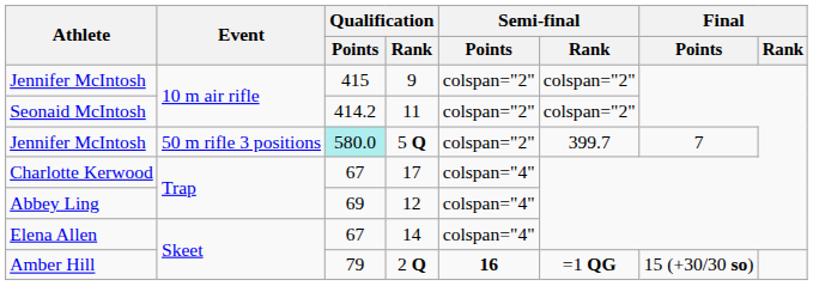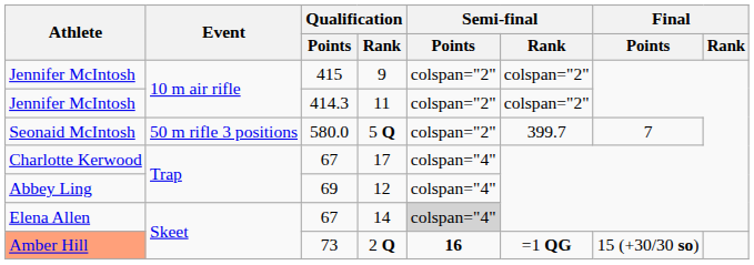 <table class="wikitable" style="font-size:90%;">
 <tr>
 <th rowspan=2>Athlete</th>
 <th rowspan=2>Event</th>
 <th colspan=2>Qualification</th>
 <th colspan=2>Semi-final</th>
 <th colspan=2>Final</th>
 </tr>
 <tr style="font-size:95%">
 <th>Points</th>
 <th>Rank</th>
 <th>Points</th>
 <th>Rank</th>
 <th>Points</th>
 <th>Rank</th>
 </tr>
 <tr align=center>
 <td align=left><a href='#'>Jennifer McIntosh</a></td>
 <td style="text-align:left;" rowspan="2"><a href='#'>10 m air rifle</a></td>
 <td>415</td>
 <td>9</td>
 <td>colspan="2" </td>
 <td>colspan="2" </td>
 </tr>
 <tr align=center>
-<td align=left><a href='#'>Seonaid McIntosh</a></td>
-<td>414.2</td>
+<td align=left><a href='#'>Jennifer McIntosh</a></td>
+<td>414.3</td>
 <td>11</td>
 <td>colspan="2" </td>
 <td>colspan="2" </td>
 </tr>
 <tr align=center>
-<td align=left><a href='#'>Jennifer McIntosh</a></td>
+<td align=left><a href='#'>Seonaid McIntosh</a></td>
 <td align=left><a href='#'>50 m rifle 3 positions</a></td>
-<td style="background: paleturquoise;">580.0</td>
+<td>580.0</td>
 <td>5 <strong>Q</strong></td>
 <td>colspan="2" </td>
 <td>399.7</td>
 <td>7</td>
 </tr>
 <tr align=center>
 <td align=left><a href='#'>Charlotte Kerwood</a></td>
 <td style="text-align:left;" rowspan="2"><a href='#'>Trap</a></td>
 <td>67</td>
 <td>17</td>
 <td>colspan="4" </td>
 </tr>
 <tr align=center>
 <td align=left><a href='#'>Abbey Ling</a></td>
 <td>69</td>
 <td>12</td>
 <td>colspan="4" </td>
 </tr>
 <tr align=center>
 <td align=left><a href='#'>Elena Allen</a></td>
 <td style="text-align:left;" rowspan="2"><a href='#'>Skeet</a></td>
 <td>67</td>
 <td>14</td>
-<td>colspan="4" </td>
+<td style="background: lightgrey;">colspan="4" </td>
 </tr>
 <tr align=center>
-<td align=left><a href='#'>Amber Hill</a></td>
-<td>79</td>
+<td align=left style="background: lightsalmon;"><a href='#'>Amber Hill</a></td>
+<td>73</td>
 <td>2 <strong>Q</strong></td>
 <td><strong>16</strong></td>
 <td>=1 <strong>QG</strong></td>
 <td>15 (+30/30 <strong>so</strong>)</td>
 <td></td>
 </tr>
 </table>
